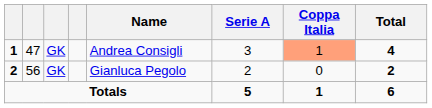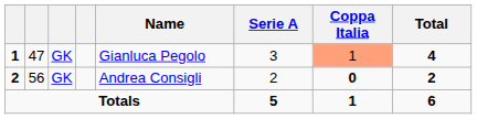 <table class="wikitable" style="text-align:center">
 <tr>
 <th width=15></th>
 <th width=15></th>
 <th width=15></th>
 <th width=15></th>
 <th width=145>Name</th>
 <th width=80><strong><a href='#'>Serie A</a></strong></th>
 <th width=80><strong><a href='#'>Coppa Italia</a></strong></th>
 <th width=80>Total</th>
 </tr>
 <tr>
 <td><strong>1</strong></td>
 <td>47</td>
 <td><a href='#'>GK</a></td>
 <td></td>
-<td align=left><a href='#'>Andrea Consigli</a></td>
+<td align=left><a href='#'>Gianluca Pegolo</a></td>
 <td>3</td>
 <td style="background: lightsalmon;">1</td>
 <td><strong>4</strong></td>
 </tr>
 <tr>
 <td><strong>2</strong></td>
 <td>56</td>
 <td><a href='#'>GK</a></td>
 <td></td>
-<td align=left><a href='#'>Gianluca Pegolo</a></td>
+<td align=left><a href='#'>Andrea Consigli</a></td>
 <td>2</td>
-<td>0</td>
+<td><strong>0</strong></td>
 <td><strong>2</strong></td>
 </tr>
 <tr>
 <td colspan=5><strong>Totals</strong></td>
 <td><strong>5</strong></td>
 <td><strong>1</strong></td>
 <td><strong>6</strong></td>
 </tr>
 </table>
